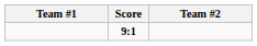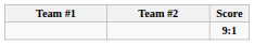 <table class="wikitable" style="text-align:center;">
 <tr>
 <th width=140>Team #1</th>
+<th width=140>Team #2</th>
 <th width=50>Score</th>
-<th width=140>Team #2</th>
 </tr>
 <tr>
 <td style="text-align:right;"></td>
+<td style="text-align:left;"></td>
 <td><strong>9:1</strong></td>
-<td style="text-align:left;"></td>
 </tr>
 </table>
